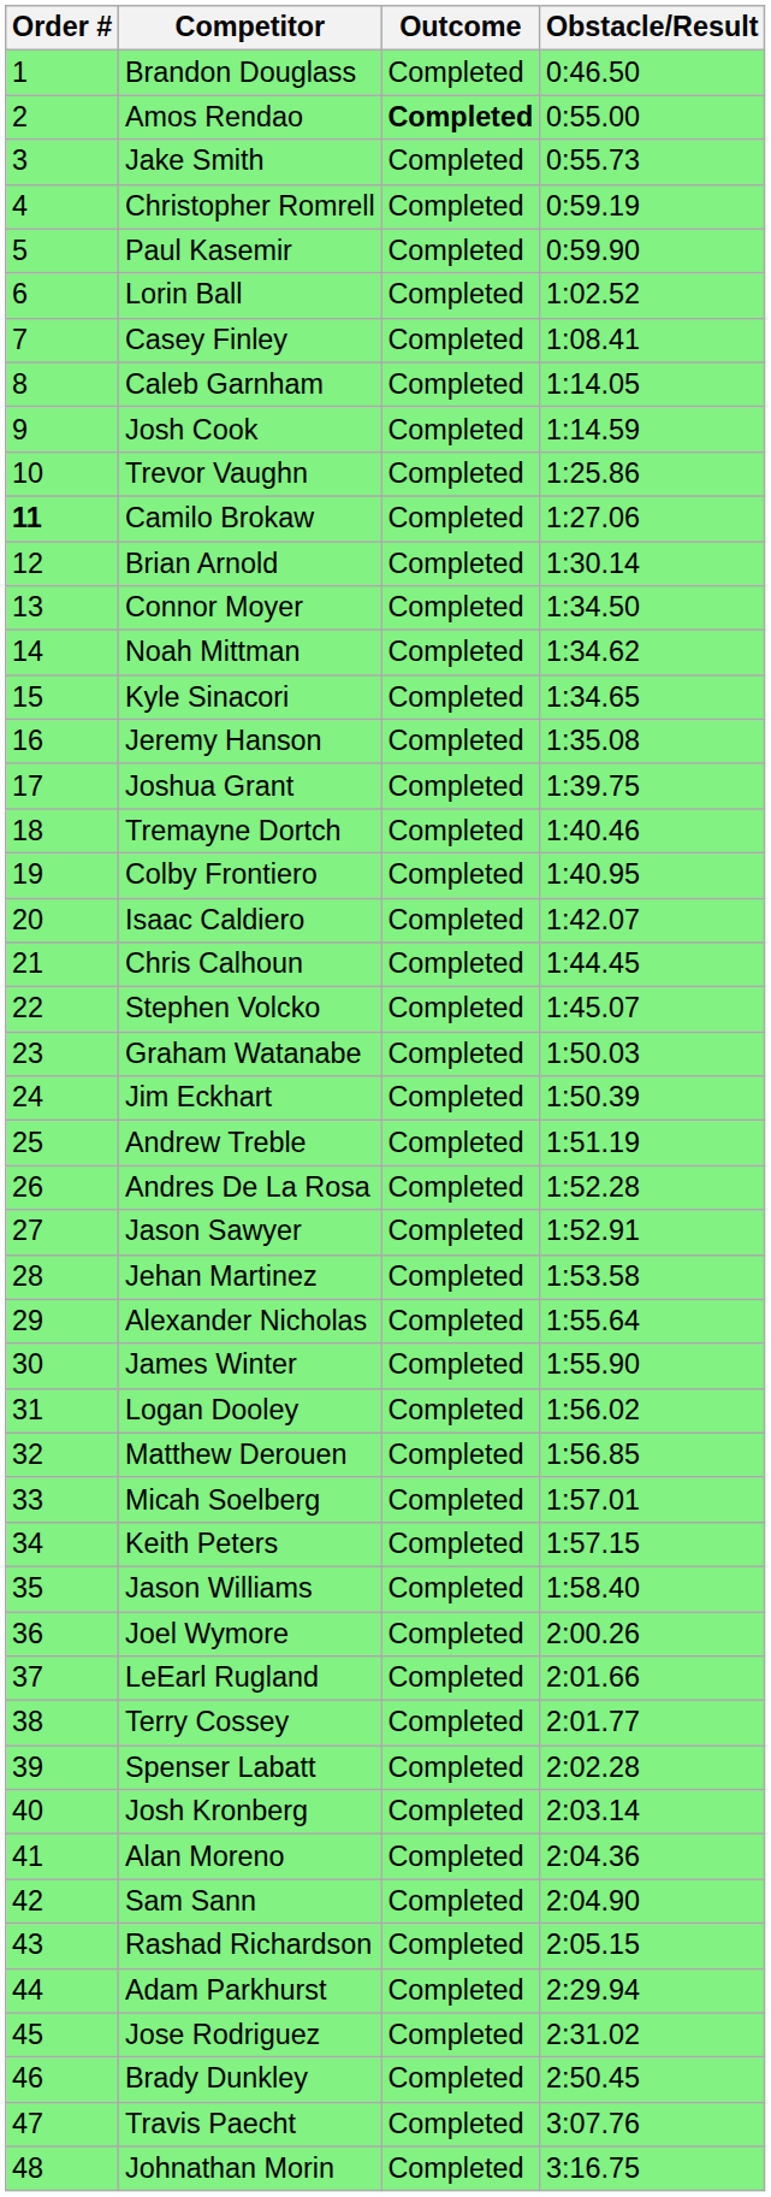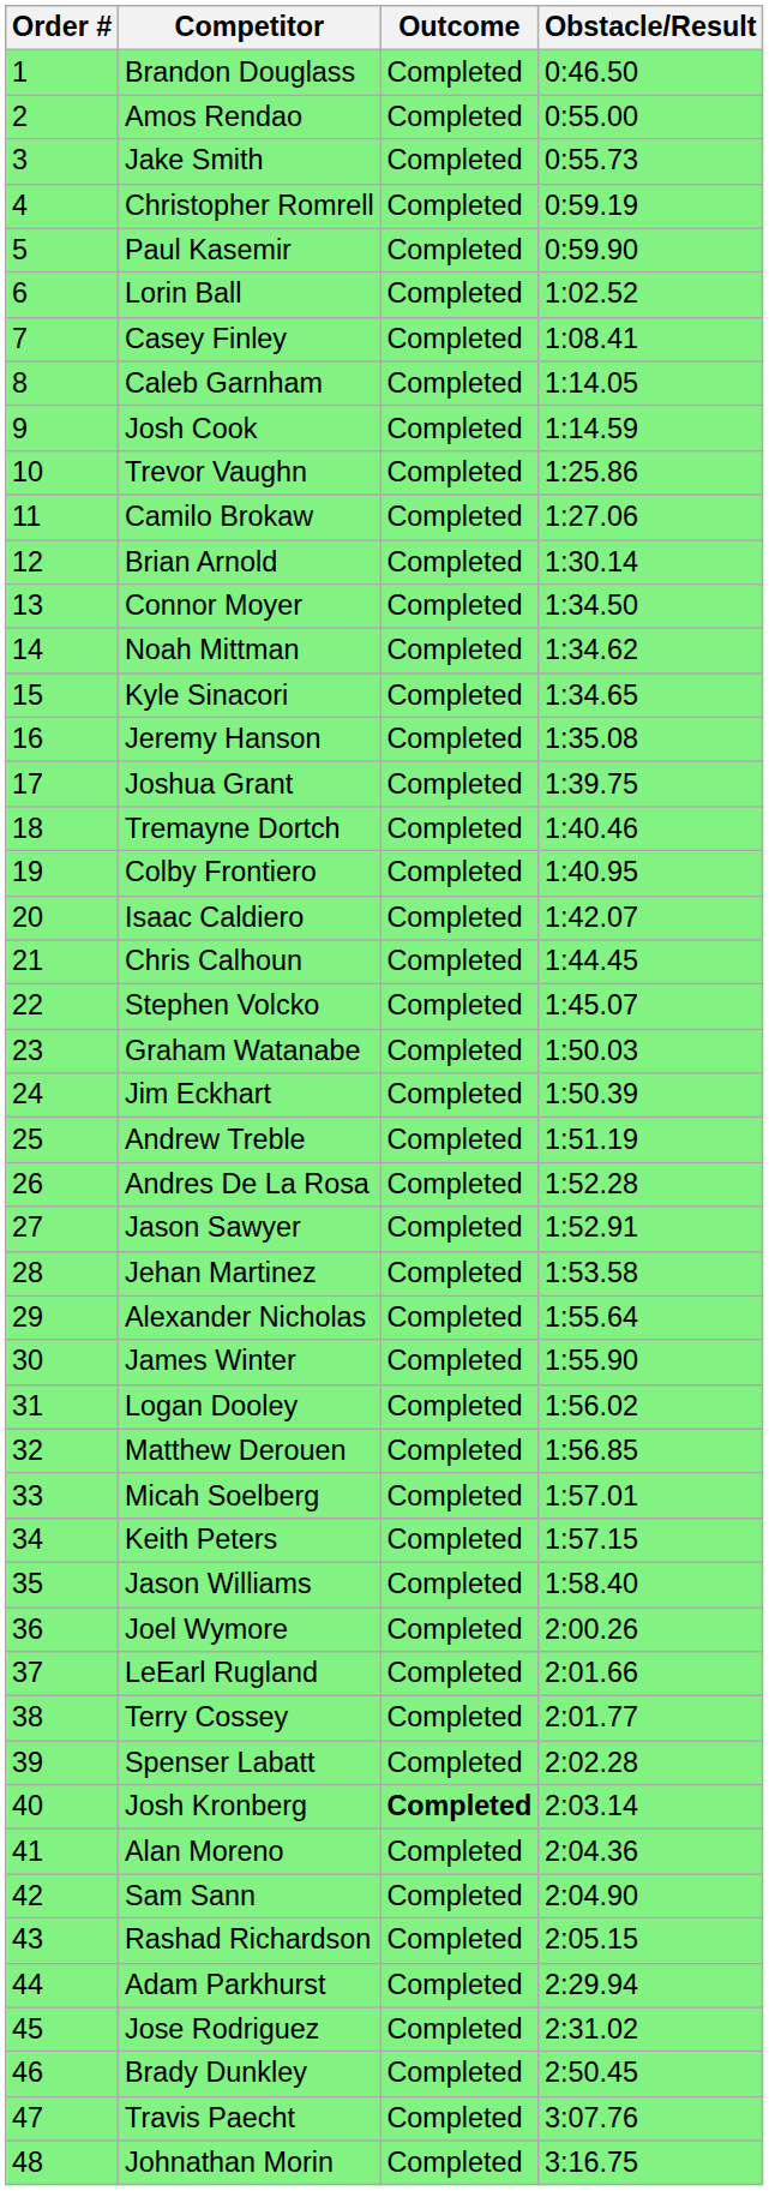 <table class="wikitable sortable">
 <tr>
 <th>Order #</th>
 <th>Competitor</th>
 <th>Outcome</th>
 <th>Obstacle/Result</th>
 </tr>
 <tr style="background-color:#82f282">
 <td>1</td>
 <td>Brandon Douglass</td>
 <td>Completed</td>
 <td>0:46.50</td>
 </tr>
 <tr style="background-color:#82f282">
 <td>2</td>
 <td>Amos Rendao</td>
-<td><strong>Completed</strong></td>
+<td>Completed</td>
 <td>0:55.00</td>
 </tr>
 <tr style="background-color:#82f282">
 <td>3</td>
 <td>Jake Smith</td>
 <td>Completed</td>
 <td>0:55.73</td>
 </tr>
 <tr style="background-color:#82f282">
 <td>4</td>
 <td>Christopher Romrell</td>
 <td>Completed</td>
 <td>0:59.19</td>
 </tr>
 <tr style="background-color:#82f282">
 <td>5</td>
 <td>Paul Kasemir</td>
 <td>Completed</td>
 <td>0:59.90</td>
 </tr>
 <tr style="background-color:#82f282">
 <td>6</td>
 <td>Lorin Ball</td>
 <td>Completed</td>
 <td>1:02.52</td>
 </tr>
 <tr style="background-color:#82f282">
 <td>7</td>
 <td>Casey Finley</td>
 <td>Completed</td>
 <td>1:08.41</td>
 </tr>
 <tr style="background-color:#82f282">
 <td>8</td>
 <td>Caleb Garnham</td>
 <td>Completed</td>
 <td>1:14.05</td>
 </tr>
 <tr style="background-color:#82f282">
 <td>9</td>
 <td>Josh Cook</td>
 <td>Completed</td>
 <td>1:14.59</td>
 </tr>
 <tr style="background-color:#82f282">
 <td>10</td>
 <td>Trevor Vaughn</td>
 <td>Completed</td>
 <td>1:25.86</td>
 </tr>
 <tr style="background-color:#82f282">
-<td><strong>11</strong></td>
+<td>11</td>
 <td>Camilo Brokaw</td>
 <td>Completed</td>
 <td>1:27.06</td>
 </tr>
 <tr style="background-color:#82f282">
 <td>12</td>
 <td>Brian Arnold</td>
 <td>Completed</td>
 <td>1:30.14</td>
 </tr>
 <tr style="background-color:#82f282">
 <td>13</td>
 <td>Connor Moyer</td>
 <td>Completed</td>
 <td>1:34.50</td>
 </tr>
 <tr style="background-color:#82f282">
 <td>14</td>
 <td>Noah Mittman</td>
 <td>Completed</td>
 <td>1:34.62</td>
 </tr>
 <tr style="background-color:#82f282">
 <td>15</td>
 <td>Kyle Sinacori</td>
 <td>Completed</td>
 <td>1:34.65</td>
 </tr>
 <tr style="background-color:#82f282">
 <td>16</td>
 <td>Jeremy Hanson</td>
 <td>Completed</td>
 <td>1:35.08</td>
 </tr>
 <tr style="background-color:#82f282">
 <td>17</td>
 <td>Joshua Grant</td>
 <td>Completed</td>
 <td>1:39.75</td>
 </tr>
 <tr style="background-color:#82f282">
 <td>18</td>
 <td>Tremayne Dortch</td>
 <td>Completed</td>
 <td>1:40.46</td>
 </tr>
 <tr style="background-color:#82f282">
 <td>19</td>
 <td>Colby Frontiero</td>
 <td>Completed</td>
 <td>1:40.95</td>
 </tr>
 <tr style="background-color:#82f282">
 <td>20</td>
 <td>Isaac Caldiero</td>
 <td>Completed</td>
 <td>1:42.07</td>
 </tr>
 <tr style="background-color:#82f282">
 <td>21</td>
 <td>Chris Calhoun</td>
 <td>Completed</td>
 <td>1:44.45</td>
 </tr>
 <tr style="background-color:#82f282">
 <td>22</td>
 <td>Stephen Volcko</td>
 <td>Completed</td>
 <td>1:45.07</td>
 </tr>
 <tr style="background-color:#82f282">
 <td>23</td>
 <td>Graham Watanabe</td>
 <td>Completed</td>
 <td>1:50.03</td>
 </tr>
 <tr style="background-color:#82f282">
 <td>24</td>
 <td>Jim Eckhart</td>
 <td>Completed</td>
 <td>1:50.39</td>
 </tr>
 <tr style="background-color:#82f282">
 <td>25</td>
 <td>Andrew Treble</td>
 <td>Completed</td>
 <td>1:51.19</td>
 </tr>
 <tr style="background-color:#82f282">
 <td>26</td>
 <td>Andres De La Rosa</td>
 <td>Completed</td>
 <td>1:52.28</td>
 </tr>
 <tr style="background-color:#82f282">
 <td>27</td>
 <td>Jason Sawyer</td>
 <td>Completed</td>
 <td>1:52.91</td>
 </tr>
 <tr style="background-color:#82f282">
 <td>28</td>
 <td>Jehan Martinez</td>
 <td>Completed</td>
 <td>1:53.58</td>
 </tr>
 <tr style="background-color:#82f282">
 <td>29</td>
 <td>Alexander Nicholas</td>
 <td>Completed</td>
 <td>1:55.64</td>
 </tr>
 <tr style="background-color:#82f282">
 <td>30</td>
 <td>James Winter</td>
 <td>Completed</td>
 <td>1:55.90</td>
 </tr>
 <tr style="background-color:#82f282">
 <td>31</td>
 <td>Logan Dooley</td>
 <td>Completed</td>
 <td>1:56.02</td>
 </tr>
 <tr style="background-color:#82f282">
 <td>32</td>
 <td>Matthew Derouen</td>
 <td>Completed</td>
 <td>1:56.85</td>
 </tr>
 <tr style="background-color:#82f282">
 <td>33</td>
 <td>Micah Soelberg</td>
 <td>Completed</td>
 <td>1:57.01</td>
 </tr>
 <tr style="background-color:#82f282">
 <td>34</td>
 <td>Keith Peters</td>
 <td>Completed</td>
 <td>1:57.15</td>
 </tr>
 <tr style="background-color:#82f282">
 <td>35</td>
 <td>Jason Williams</td>
 <td>Completed</td>
 <td>1:58.40</td>
 </tr>
 <tr style="background-color:#82f282">
 <td>36</td>
 <td>Joel Wymore</td>
 <td>Completed</td>
 <td>2:00.26</td>
 </tr>
 <tr style="background-color:#82f282">
 <td>37</td>
 <td>LeEarl Rugland</td>
 <td>Completed</td>
 <td>2:01.66</td>
 </tr>
 <tr style="background-color:#82f282">
 <td>38</td>
 <td>Terry Cossey</td>
 <td>Completed</td>
 <td>2:01.77</td>
 </tr>
 <tr style="background-color:#82f282">
 <td>39</td>
 <td>Spenser Labatt</td>
 <td>Completed</td>
 <td>2:02.28</td>
 </tr>
 <tr style="background-color:#82f282">
 <td>40</td>
 <td>Josh Kronberg</td>
-<td>Completed</td>
+<td><strong>Completed</strong></td>
 <td>2:03.14</td>
 </tr>
 <tr style="background-color:#82f282">
 <td>41</td>
 <td>Alan Moreno</td>
 <td>Completed</td>
 <td>2:04.36</td>
 </tr>
 <tr style="background-color:#82f282">
 <td>42</td>
 <td>Sam Sann</td>
 <td>Completed</td>
 <td>2:04.90</td>
 </tr>
 <tr style="background-color:#82f282">
 <td>43</td>
 <td>Rashad Richardson</td>
 <td>Completed</td>
 <td>2:05.15</td>
 </tr>
 <tr style="background-color:#82f282">
 <td>44</td>
 <td>Adam Parkhurst</td>
 <td>Completed</td>
 <td>2:29.94</td>
 </tr>
 <tr style="background-color:#82f282">
 <td>45</td>
 <td>Jose Rodriguez</td>
 <td>Completed</td>
 <td>2:31.02</td>
 </tr>
 <tr style="background-color:#82f282">
 <td>46</td>
 <td>Brady Dunkley</td>
 <td>Completed</td>
 <td>2:50.45</td>
 </tr>
 <tr style="background-color:#82f282">
 <td>47</td>
 <td>Travis Paecht</td>
 <td>Completed</td>
 <td>3:07.76</td>
 </tr>
 <tr style="background-color:#82f282">
 <td>48</td>
 <td>Johnathan Morin</td>
 <td>Completed</td>
 <td>3:16.75</td>
 </tr>
 </table>
